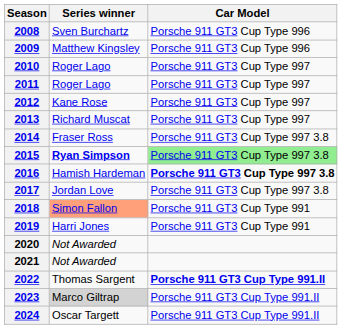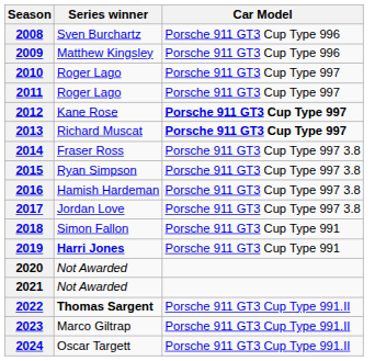 <table class="wikitable">
 <tr>
 <th>Season</th>
 <th>Series winner</th>
 <th>Car Model</th>
 </tr>
 <tr>
 <th><a href='#'>2008</a></th>
 <td> <a href='#'>Sven Burchartz</a></td>
 <td><a href='#'>Porsche 911 GT3</a> Cup Type 996</td>
 </tr>
 <tr>
 <th><a href='#'>2009</a></th>
 <td> <a href='#'>Matthew Kingsley</a></td>
 <td><a href='#'>Porsche 911 GT3</a> Cup Type 996</td>
 </tr>
 <tr>
 <th><a href='#'>2010</a></th>
 <td> <a href='#'>Roger Lago</a></td>
 <td><a href='#'>Porsche 911 GT3</a> Cup Type 997</td>
 </tr>
 <tr>
 <th><a href='#'>2011</a></th>
 <td> <a href='#'>Roger Lago</a></td>
 <td><a href='#'>Porsche 911 GT3</a> Cup Type 997</td>
 </tr>
 <tr>
 <th><a href='#'>2012</a></th>
 <td> <a href='#'>Kane Rose</a></td>
-<td><a href='#'>Porsche 911 GT3</a> Cup Type 997</td>
+<td><strong><a href='#'>Porsche 911 GT3</a> Cup Type 997</strong></td>
 </tr>
 <tr>
 <th><a href='#'>2013</a></th>
 <td> <a href='#'>Richard Muscat</a></td>
-<td><a href='#'>Porsche 911 GT3</a> Cup Type 997</td>
+<td><strong><a href='#'>Porsche 911 GT3</a> Cup Type 997</strong></td>
 </tr>
 <tr>
 <th><a href='#'>2014</a></th>
 <td> <a href='#'>Fraser Ross</a></td>
 <td><a href='#'>Porsche 911 GT3</a> Cup Type 997 3.8</td>
 </tr>
 <tr>
 <th><a href='#'>2015</a></th>
-<td><strong> <a href='#'>Ryan Simpson</a></strong></td>
-<td style="background: lightgreen;"><a href='#'>Porsche 911 GT3</a> Cup Type 997 3.8</td>
+<td> <a href='#'>Ryan Simpson</a></td>
+<td><a href='#'>Porsche 911 GT3</a> Cup Type 997 3.8</td>
 </tr>
 <tr>
 <th><a href='#'>2016</a></th>
 <td> <a href='#'>Hamish Hardeman</a></td>
-<td><strong><a href='#'>Porsche 911 GT3</a> Cup Type 997 3.8</strong></td>
+<td><a href='#'>Porsche 911 GT3</a> Cup Type 997 3.8</td>
 </tr>
 <tr>
 <th><a href='#'>2017</a></th>
 <td> <a href='#'>Jordan Love</a></td>
 <td><a href='#'>Porsche 911 GT3</a> Cup Type 997 3.8</td>
 </tr>
 <tr>
 <th><a href='#'>2018</a></th>
-<td style="background: lightsalmon;"> <a href='#'>Simon Fallon</a></td>
+<td> <a href='#'>Simon Fallon</a></td>
 <td><a href='#'>Porsche 911 GT3</a> Cup Type 991</td>
 </tr>
 <tr>
 <th><a href='#'>2019</a></th>
-<td> <a href='#'>Harri Jones</a></td>
+<td><strong> <a href='#'>Harri Jones</a></strong></td>
 <td><a href='#'>Porsche 911 GT3</a> Cup Type 991</td>
 </tr>
 <tr>
 <th>2020</th>
 <td><em>Not Awarded</em></td>
 <td></td>
 </tr>
 <tr>
 <th>2021</th>
 <td><em>Not Awarded</em></td>
 <td></td>
 </tr>
 <tr>
 <th><a href='#'>2022</a></th>
-<td> Thomas Sargent</td>
-<td><strong><a href='#'>Porsche 911 GT3 Cup Type 991.II</a></strong></td>
+<td><strong> Thomas Sargent</strong></td>
+<td><a href='#'>Porsche 911 GT3 Cup Type 991.II</a></td>
 </tr>
 <tr>
 <th><a href='#'>2023</a></th>
-<td style="background: lightgrey;"> Marco Giltrap</td>
+<td> Marco Giltrap</td>
 <td><a href='#'>Porsche 911 GT3 Cup Type 991.II</a></td>
 </tr>
 <tr>
 <th><a href='#'>2024</a></th>
 <td> Oscar Targett</td>
 <td><a href='#'>Porsche 911 GT3 Cup Type 991.II</a></td>
 </tr>
 </table>
